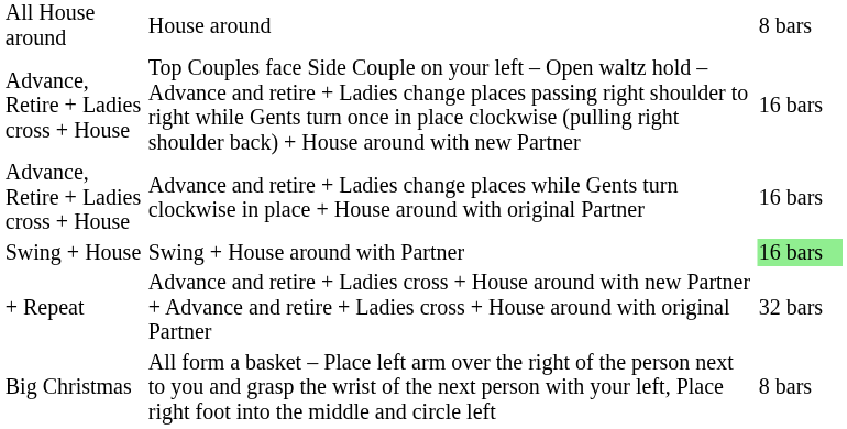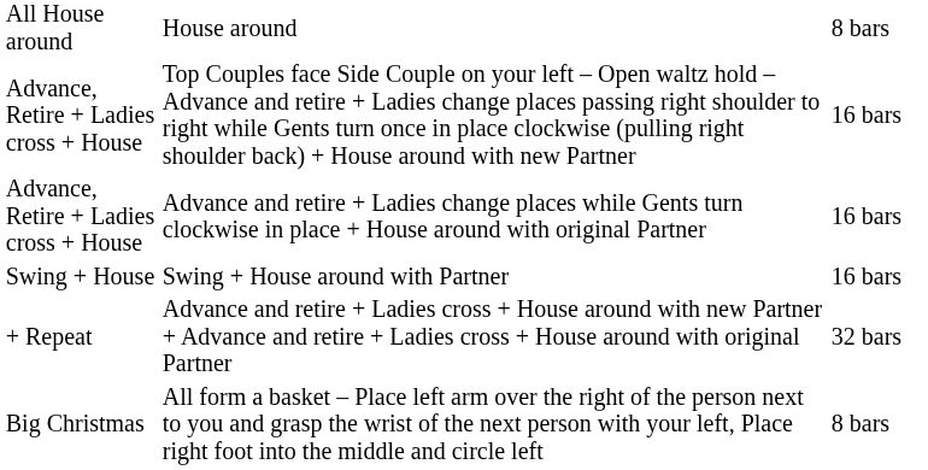 <table>
 <tr>
 <td style="width:100px">All House around</td>
 <td style="width:440px">House around</td>
 <td style="width:60px">8 bars</td>
 </tr>
 <tr>
 <td>Advance, Retire + Ladies cross + House</td>
 <td>Top Couples face Side Couple on your left – Open waltz hold – Advance and retire + Ladies change places passing right shoulder to right while Gents turn once in place clockwise (pulling right shoulder back) + House around with new Partner</td>
 <td>16 bars</td>
 </tr>
 <tr>
 <td>Advance, Retire + Ladies cross + House</td>
 <td>Advance and retire + Ladies change places while Gents turn clockwise in place + House around with original Partner</td>
 <td>16 bars</td>
 </tr>
 <tr>
 <td>Swing + House</td>
 <td>Swing + House around with Partner</td>
-<td style="background: lightgreen;">16 bars</td>
+<td>16 bars</td>
 </tr>
 <tr>
 <td>+ Repeat</td>
 <td>Advance and retire + Ladies cross + House around with new Partner + Advance and retire + Ladies cross + House around with original Partner</td>
 <td>32 bars</td>
 </tr>
 <tr>
 <td>Big Christmas</td>
 <td>All form a basket – Place left arm over the right of the person next to you and grasp the wrist of the next person with your left, Place right foot into the middle and circle left</td>
 <td>8 bars</td>
 </tr>
 </table>
